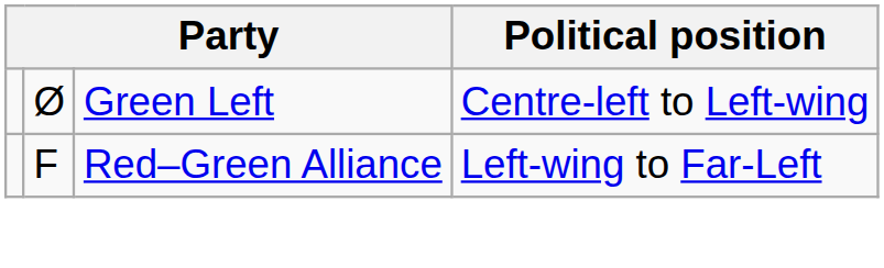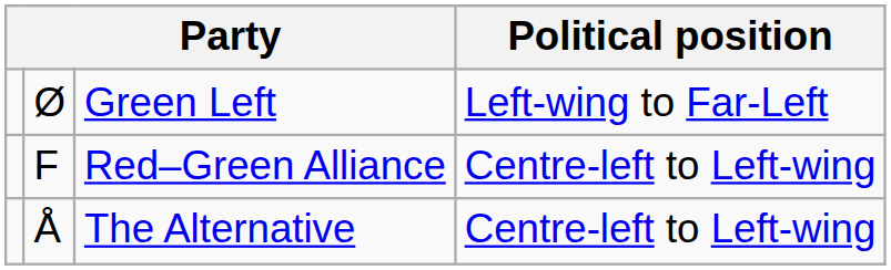 <table class="wikitable">
 <tr>
 <th colspan="3">Party</th>
 <th>Political position</th>
 </tr>
 <tr>
 <td></td>
 <td>Ø</td>
 <td><a href='#'>Green Left</a></td>
-<td><a href='#'>Centre-left</a> to <a href='#'>Left-wing</a></td>
+<td><a href='#'>Left-wing</a> to  <a href='#'>Far-Left</a></td>
 </tr>
 <tr>
 <td></td>
 <td>F</td>
 <td><a href='#'>Red–Green Alliance</a></td>
-<td><a href='#'>Left-wing</a> to  <a href='#'>Far-Left</a></td>
+<td><a href='#'>Centre-left</a> to <a href='#'>Left-wing</a></td>
+</tr>
+<tr>
+<td></td>
+<td>Å</td>
+<td><a href='#'>The Alternative</a></td>
+<td><a href='#'>Centre-left</a> to <a href='#'>Left-wing</a></td>
 </tr>
 </table>
